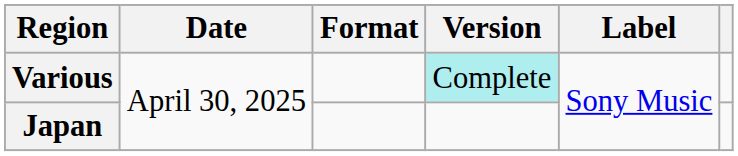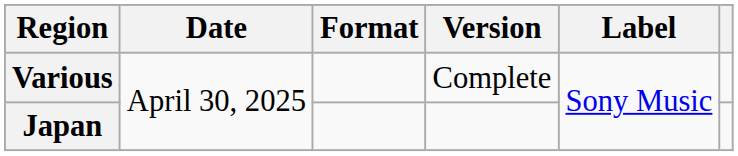 <table class="wikitable plainrowheaders">
 <tr>
 <th scope="col">Region</th>
 <th scope="col">Date</th>
 <th scope="col">Format</th>
 <th scope="col">Version</th>
 <th scope="col">Label</th>
 <th scope="col"></th>
 </tr>
 <tr>
 <th scope="row">Various</th>
 <td rowspan="2">April 30, 2025</td>
 <td></td>
-<td style="background: paleturquoise;">Complete</td>
+<td>Complete</td>
 <td rowspan="2"><a href='#'>Sony Music</a></td>
 <td style="text-align:center"></td>
 </tr>
 <tr>
 <th scope="row">Japan</th>
 <td></td>
 <td></td>
 <td style="text-align:center"></td>
 </tr>
 </table>
